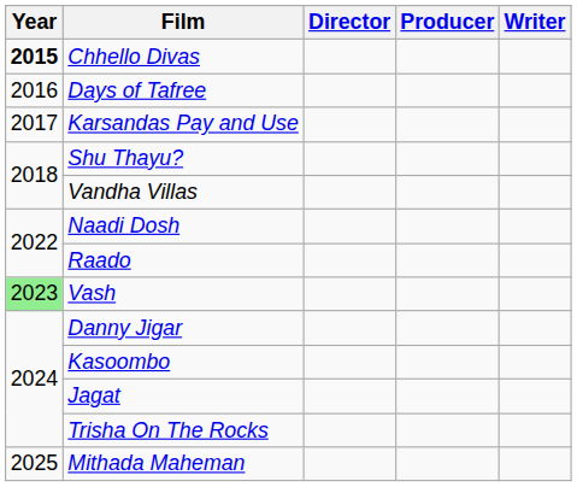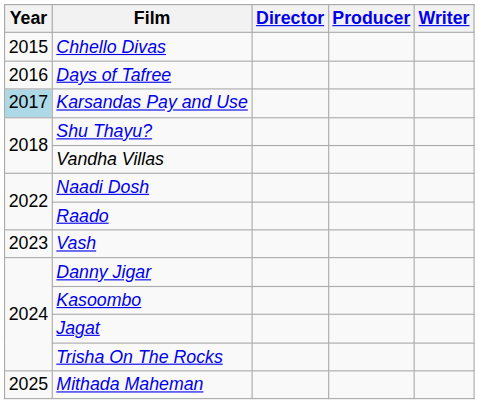 <table class="wikitable">
 <tr style="background:#b0c4de; text-align:center;">
 <th>Year</th>
 <th>Film</th>
 <th><a href='#'>Director</a></th>
 <th><a href='#'>Producer</a></th>
 <th><a href='#'>Writer</a></th>
 </tr>
 <tr>
-<td><strong>2015</strong></td>
+<td>2015</td>
 <td><em><a href='#'>Chhello Divas</a></em></td>
 <td></td>
 <td></td>
 <td></td>
 </tr>
 <tr>
 <td>2016</td>
 <td><em><a href='#'>Days of Tafree</a></em></td>
 <td></td>
 <td></td>
 <td></td>
 </tr>
 <tr>
-<td>2017</td>
+<td style="background: lightblue;">2017</td>
 <td><em><a href='#'>Karsandas Pay and Use</a></em></td>
 <td></td>
 <td></td>
 <td></td>
 </tr>
 <tr>
 <td rowspan="2">2018</td>
 <td><em><a href='#'>Shu Thayu?</a></em></td>
 <td></td>
 <td></td>
 <td></td>
 </tr>
 <tr>
 <td><em>Vandha Villas</em></td>
 <td></td>
 <td></td>
 <td></td>
 </tr>
 <tr>
 <td rowspan="2">2022</td>
 <td><em><a href='#'>Naadi Dosh</a></em></td>
 <td></td>
 <td></td>
 <td></td>
 </tr>
 <tr>
 <td><em><a href='#'>Raado</a></em></td>
 <td></td>
 <td></td>
 <td></td>
 </tr>
 <tr>
-<td style="background: lightgreen;">2023</td>
+<td>2023</td>
 <td><em><a href='#'>Vash</a></em></td>
 <td></td>
 <td></td>
 <td></td>
 </tr>
 <tr>
 <td rowspan="4">2024</td>
 <td><em><a href='#'>Danny Jigar</a></em></td>
 <td></td>
 <td></td>
 <td></td>
 </tr>
 <tr>
 <td><em><a href='#'>Kasoombo</a></em></td>
 <td></td>
 <td></td>
 <td></td>
 </tr>
 <tr>
 <td><em><a href='#'>Jagat</a></em></td>
 <td></td>
 <td></td>
 <td></td>
 </tr>
 <tr>
 <td><em><a href='#'>Trisha On The Rocks</a></em></td>
 <td></td>
 <td></td>
 <td></td>
 </tr>
 <tr>
 <td>2025</td>
 <td><em><a href='#'>Mithada Maheman</a></em></td>
 <td></td>
 <td></td>
 <td></td>
 </tr>
 </table>
